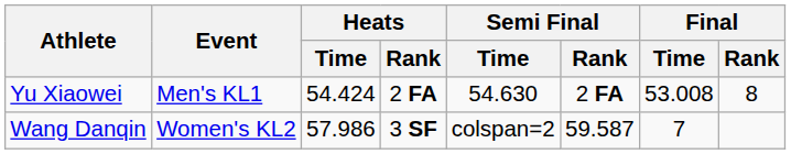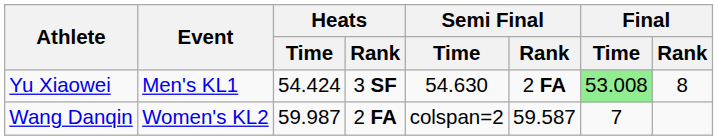 <table class="wikitable">
 <tr>
 <th rowspan="2">Athlete</th>
 <th rowspan="2">Event</th>
 <th colspan="2">Heats</th>
 <th colspan="2">Semi Final</th>
 <th colspan="2">Final</th>
 </tr>
 <tr>
 <th>Time</th>
 <th>Rank</th>
 <th>Time</th>
 <th>Rank</th>
 <th>Time</th>
 <th>Rank</th>
 </tr>
 <tr align=center>
 <td align=left><a href='#'>Yu Xiaowei</a></td>
 <td align=left><a href='#'>Men's KL1</a></td>
 <td>54.424</td>
-<td>2 <strong>FA</strong></td>
+<td>3 <strong>SF</strong></td>
 <td>54.630</td>
 <td>2 <strong>FA</strong></td>
-<td>53.008</td>
+<td style="background: lightgreen;">53.008</td>
 <td>8</td>
 </tr>
 <tr align=center>
 <td align=left><a href='#'>Wang Danqin</a></td>
 <td align=left><a href='#'>Women's KL2</a></td>
-<td>57.986</td>
-<td>3 <strong>SF</strong></td>
+<td>59.987</td>
+<td>2 <strong>FA</strong></td>
 <td>colspan=2 </td>
 <td>59.587</td>
 <td>7</td>
 </tr>
 </table>
